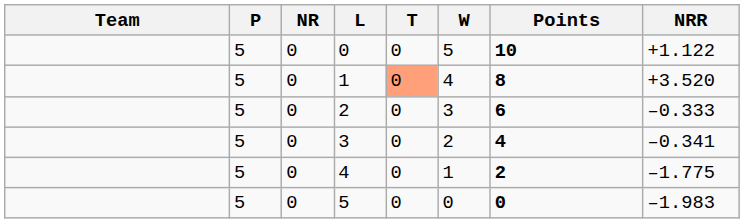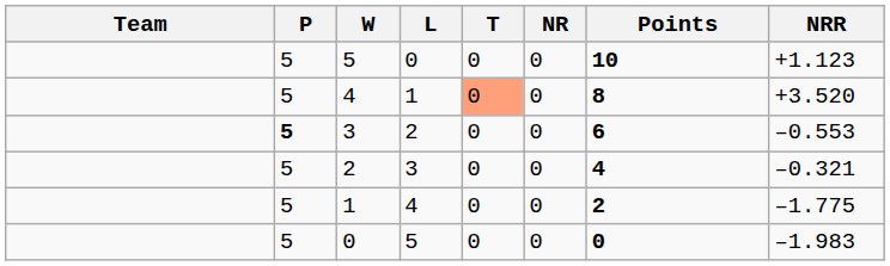 <table class="wikitable">
 <tr>
 <th width=150>Team</th>
 <th style="width:30px;" abbr="Played">P</th>
-<th style="width:30px;" abbr="No result">NR</th>
+<th style="width:30px;" abbr="Won">W</th>
 <th style="width:30px;" abbr="Lost">L</th>
 <th style="width:30px;" abbr="Tied">T</th>
-<th style="width:30px;" abbr="Won">W</th>
+<th style="width:30px;" abbr="No result">NR</th>
 <th style="width:100px;" abbr="Points">Points</th>
 <th style="width:60px;" abbr="Net run rate">NRR</th>
 </tr>
 <tr>
 <td style="text-align:left;"></td>
 <td>5</td>
+<td>5</td>
 <td>0</td>
 <td>0</td>
 <td>0</td>
-<td>5</td>
 <td><strong>10</strong></td>
-<td>+1.122</td>
+<td>+1.123</td>
 </tr>
 <tr>
 <td style="text-align:left;"></td>
 <td>5</td>
-<td>0</td>
+<td>4</td>
 <td>1</td>
 <td style="background: lightsalmon;">0</td>
-<td>4</td>
+<td>0</td>
 <td><strong>8</strong></td>
 <td>+3.520</td>
 </tr>
 <tr>
 <td style="text-align:left;"></td>
-<td>5</td>
-<td>0</td>
+<td><strong>5</strong></td>
+<td>3</td>
 <td>2</td>
 <td>0</td>
-<td>3</td>
+<td>0</td>
 <td><strong>6</strong></td>
-<td>–0.333</td>
+<td>–0.553</td>
 </tr>
 <tr>
 <td style="text-align:left;"></td>
 <td>5</td>
-<td>0</td>
+<td>2</td>
 <td>3</td>
 <td>0</td>
-<td>2</td>
+<td>0</td>
 <td><strong>4</strong></td>
-<td>–0.341</td>
+<td>–0.321</td>
 </tr>
 <tr>
 <td style="text-align:left;"></td>
 <td>5</td>
-<td>0</td>
+<td>1</td>
 <td>4</td>
 <td>0</td>
-<td>1</td>
+<td>0</td>
 <td><strong>2</strong></td>
 <td>–1.775</td>
 </tr>
 <tr>
 <td style="text-align:left;"></td>
 <td>5</td>
 <td>0</td>
 <td>5</td>
 <td>0</td>
 <td>0</td>
 <td><strong>0</strong></td>
 <td>–1.983</td>
 </tr>
 </table>
